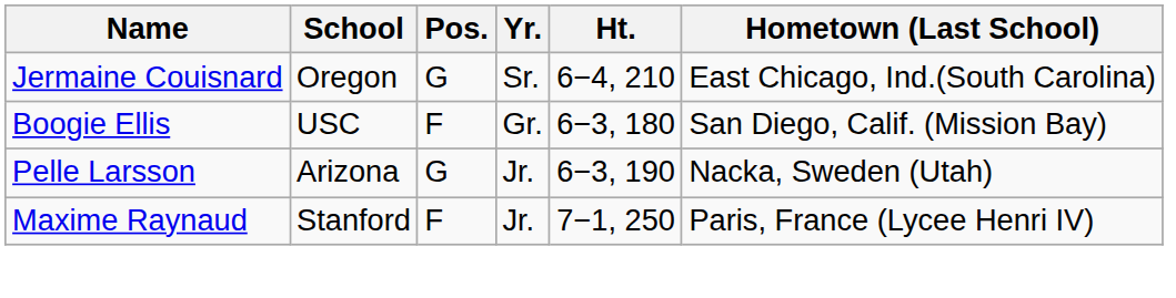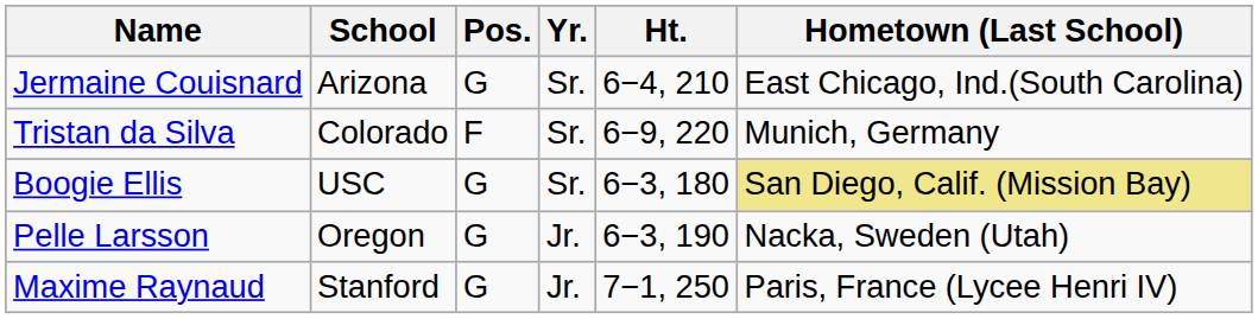 <table class="wikitable">
 <tr>
 <th>Name</th>
 <th>School</th>
 <th>Pos.</th>
 <th>Yr.</th>
 <th>Ht.</th>
 <th>Hometown (Last School)</th>
 </tr>
 <tr>
 <td><a href='#'>Jermaine Couisnard</a></td>
-<td>Oregon</td>
+<td>Arizona</td>
 <td>G</td>
 <td>Sr.</td>
 <td>6−4, 210</td>
 <td>East Chicago, Ind.(South Carolina)</td>
 </tr>
 <tr>
+<td><a href='#'>Tristan da Silva</a></td>
+<td>Colorado</td>
+<td>F</td>
+<td>Sr.</td>
+<td>6−9, 220</td>
+<td>Munich, Germany</td>
+</tr>
+<tr>
 <td><a href='#'>Boogie Ellis</a></td>
 <td>USC</td>
-<td>F</td>
-<td>Gr.</td>
+<td>G</td>
+<td>Sr.</td>
 <td>6−3, 180</td>
-<td>San Diego, Calif. (Mission Bay)</td>
+<td style="background: khaki;">San Diego, Calif. (Mission Bay)</td>
 </tr>
 <tr>
 <td><a href='#'>Pelle Larsson</a></td>
-<td>Arizona</td>
+<td>Oregon</td>
 <td>G</td>
 <td>Jr.</td>
 <td>6−3, 190</td>
 <td>Nacka, Sweden (Utah)</td>
 </tr>
 <tr>
 <td><a href='#'>Maxime Raynaud</a></td>
 <td>Stanford</td>
-<td>F</td>
+<td>G</td>
 <td>Jr.</td>
 <td>7−1, 250</td>
 <td>Paris, France (Lycee Henri IV)</td>
 </tr>
 </table>
